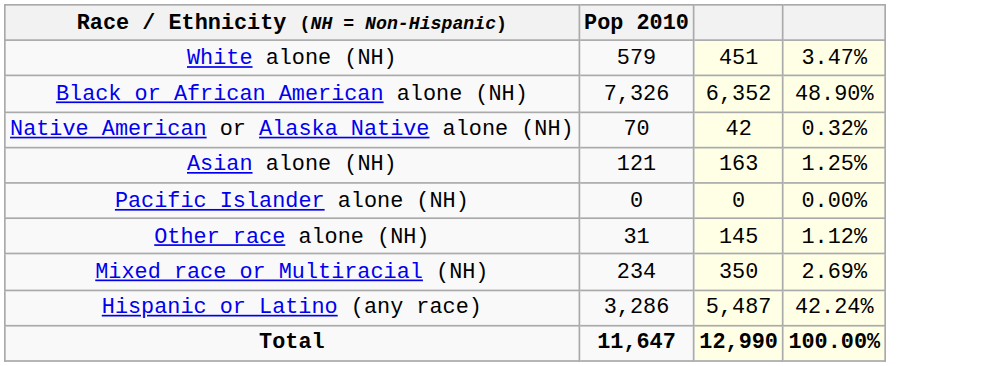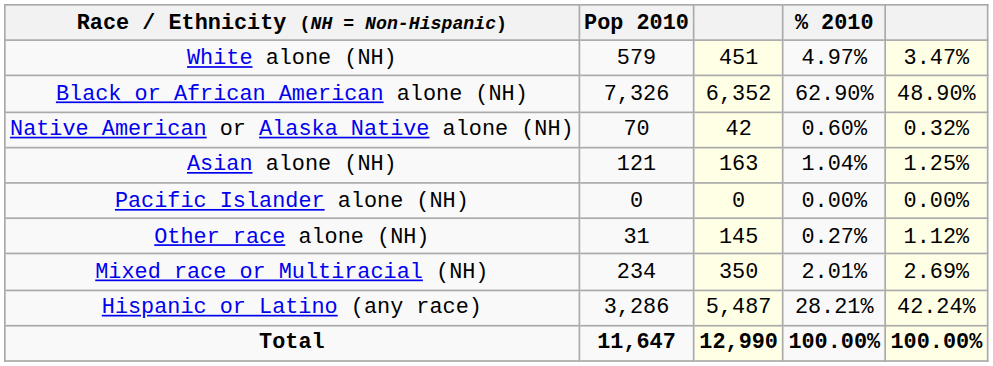 <table class="wikitable" style="text-align:center;">
 <tr>
 <th>Race / Ethnicity <small>(<em>NH = Non-Hispanic</em>)</small></th>
 <th>Pop 2010</th>
 <th></th>
+<th>% 2010</th>
 <th></th>
 </tr>
 <tr>
 <td><a href='#'>White</a> alone (NH)</td>
 <td>579</td>
 <td style='background: #ffffe6;'>451</td>
+<td>4.97%</td>
 <td style='background: #ffffe6;'>3.47%</td>
 </tr>
 <tr>
 <td><a href='#'>Black or African American</a> alone (NH)</td>
 <td>7,326</td>
 <td style='background: #ffffe6;'>6,352</td>
+<td>62.90%</td>
 <td style='background: #ffffe6;'>48.90%</td>
 </tr>
 <tr>
 <td><a href='#'>Native American</a> or <a href='#'>Alaska Native</a> alone (NH)</td>
 <td>70</td>
 <td style='background: #ffffe6;'>42</td>
+<td>0.60%</td>
 <td style='background: #ffffe6;'>0.32%</td>
 </tr>
 <tr>
 <td><a href='#'>Asian</a> alone (NH)</td>
 <td>121</td>
 <td style='background: #ffffe6;'>163</td>
+<td>1.04%</td>
 <td style='background: #ffffe6;'>1.25%</td>
 </tr>
 <tr>
 <td><a href='#'>Pacific Islander</a> alone (NH)</td>
 <td>0</td>
 <td style='background: #ffffe6;'>0</td>
+<td>0.00%</td>
 <td style='background: #ffffe6;'>0.00%</td>
 </tr>
 <tr>
 <td><a href='#'>Other race</a> alone (NH)</td>
 <td>31</td>
 <td style='background: #ffffe6;'>145</td>
+<td>0.27%</td>
 <td style='background: #ffffe6;'>1.12%</td>
 </tr>
 <tr>
 <td><a href='#'>Mixed race or Multiracial</a> (NH)</td>
 <td>234</td>
 <td style='background: #ffffe6;'>350</td>
+<td>2.01%</td>
 <td style='background: #ffffe6;'>2.69%</td>
 </tr>
 <tr>
 <td><a href='#'>Hispanic or Latino</a> (any race)</td>
 <td>3,286</td>
 <td style='background: #ffffe6;'>5,487</td>
+<td>28.21%</td>
 <td style='background: #ffffe6;'>42.24%</td>
 </tr>
 <tr>
 <td><strong>Total</strong></td>
 <td><strong>11,647</strong></td>
 <td style='background: #ffffe6;'><strong>12,990</strong></td>
+<td><strong>100.00%</strong></td>
 <td style='background: #ffffe6;'><strong>100.00%</strong></td>
 </tr>
 </table>
